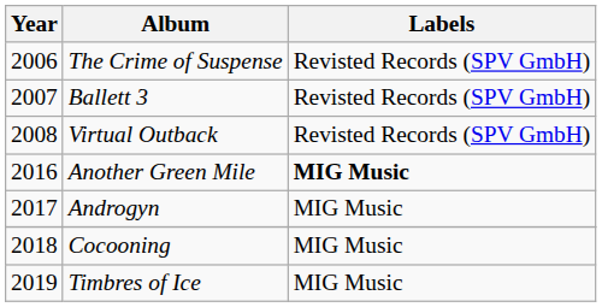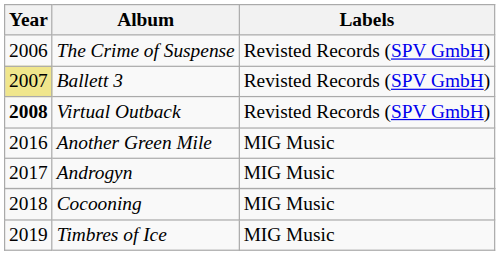 <table class="wikitable">
 <tr>
 <th>Year</th>
 <th>Album</th>
 <th>Labels</th>
 </tr>
 <tr>
 <td>2006</td>
 <td><em>The Crime of Suspense</em></td>
 <td>Revisted Records (<a href='#'>SPV GmbH</a>)</td>
 </tr>
 <tr>
-<td>2007</td>
+<td style="background: khaki;">2007</td>
 <td><em>Ballett 3</em></td>
 <td>Revisted Records (<a href='#'>SPV GmbH</a>)</td>
 </tr>
 <tr>
-<td>2008</td>
+<td><strong>2008</strong></td>
 <td><em>Virtual Outback</em></td>
 <td>Revisted Records (<a href='#'>SPV GmbH</a>)</td>
 </tr>
 <tr>
 <td>2016</td>
 <td><em>Another Green Mile</em></td>
-<td><strong>MIG Music</strong></td>
+<td>MIG Music</td>
 </tr>
 <tr>
 <td>2017</td>
 <td><em>Androgyn</em></td>
 <td>MIG Music</td>
 </tr>
 <tr>
 </tr>
 <tr>
 <td>2018</td>
 <td><em>Cocooning</em></td>
 <td>MIG Music</td>
 </tr>
 <tr>
 <td>2019</td>
 <td><em>Timbres of Ice</em></td>
 <td>MIG Music</td>
 </tr>
 </table>
